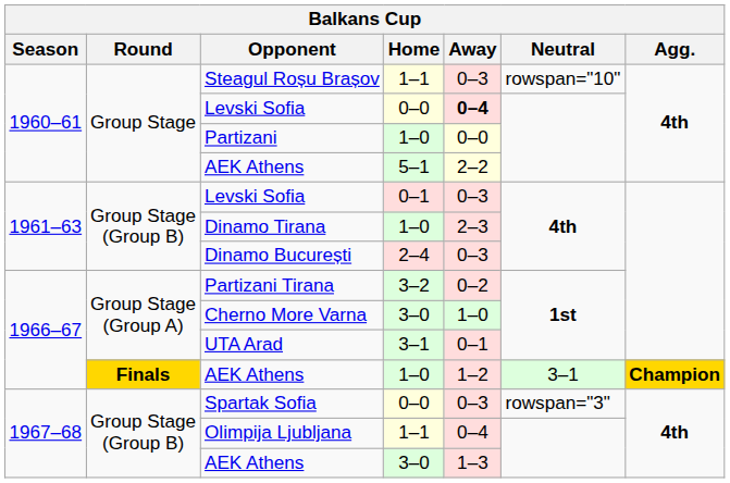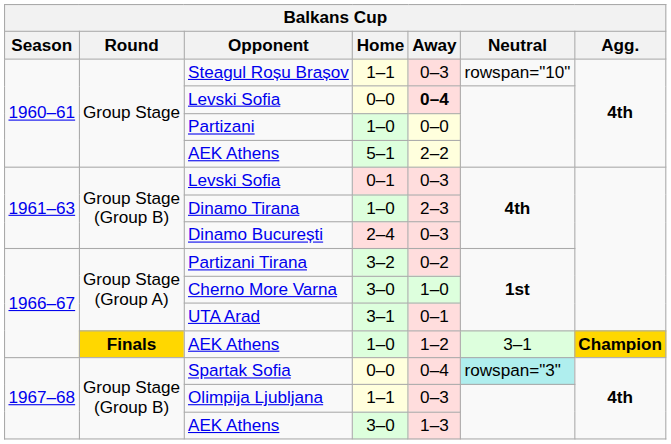 <table class="wikitable">
 <tr>
 <th colspan="7" width="480">Balkans Cup</th>
 </tr>
 <tr>
 <th>Season</th>
 <th>Round</th>
 <th>Opponent</th>
 <th>Home</th>
 <th>Away</th>
 <th>Neutral</th>
 <th>Agg.</th>
 </tr>
 <tr>
 <td rowspan="4" style="text-align:center;"><a href='#'>1960–61</a></td>
 <td rowspan="4" style="text-align:center;">Group Stage</td>
 <td> <a href='#'>Steagul Roșu Brașov</a></td>
 <td style="text-align:center; background:#ffd;">1–1</td>
 <td style="text-align:center; background:#fdd;">0–3</td>
 <td>rowspan="10" </td>
 <td rowspan="4" style="text-align:center;"><strong>4th</strong></td>
 </tr>
 <tr>
 <td> <a href='#'>Levski Sofia</a></td>
 <td style="text-align:center; background:#ffd;">0–0</td>
 <td style="text-align:center; background:#fdd;"><strong>0–4</strong></td>
 </tr>
 <tr>
 <td> <a href='#'>Partizani</a></td>
 <td style="text-align:center; background:#dfd;">1–0</td>
 <td style="text-align:center; background:#ffd;">0–0</td>
 </tr>
 <tr>
 <td> <a href='#'>AEK Athens</a></td>
 <td style="text-align:center; background:#dfd;">5–1</td>
 <td style="text-align:center; background:#ffd;">2–2</td>
 </tr>
 <tr>
 <td rowspan="3" style="text-align:center;"><a href='#'>1961–63</a></td>
 <td rowspan="3" style="text-align:center;">Group Stage<br>(Group B)</td>
 <td> <a href='#'>Levski Sofia</a></td>
 <td style="text-align:center; background:#fdd;">0–1</td>
 <td style="text-align:center; background:#fdd;">0–3</td>
 <td rowspan="3" style="text-align:center;"><strong>4th</strong></td>
 </tr>
 <tr>
 <td> <a href='#'>Dinamo Tirana</a></td>
 <td style="text-align:center; background:#dfd;">1–0</td>
 <td style="text-align:center; background:#fdd;">2–3</td>
 </tr>
 <tr>
 <td> <a href='#'>Dinamo București</a></td>
 <td style="text-align:center; background:#fdd;">2–4</td>
 <td style="text-align:center; background:#fdd;">0–3</td>
 </tr>
 <tr>
 <td style="text-align:center;" rowspan="4"><a href='#'>1966–67</a></td>
 <td rowspan="3" style="text-align:center;">Group Stage<br>(Group A)</td>
 <td> <a href='#'>Partizani Tirana</a></td>
 <td style="text-align:center; background:#dfd;">3–2</td>
 <td style="text-align:center; background:#fdd;">0–2</td>
 <td rowspan="3" style="text-align:center;"><strong>1st</strong></td>
 </tr>
 <tr>
 <td> <a href='#'>Cherno More Varna</a></td>
 <td style="text-align:center; background:#dfd;">3–0</td>
 <td style="text-align:center; background:#dfd;">1–0</td>
 </tr>
 <tr>
 <td> <a href='#'>UTA Arad</a></td>
 <td style="text-align:center; background:#dfd;">3–1</td>
 <td style="text-align:center; background:#fdd;">0–1</td>
 </tr>
 <tr>
 <td style="text-align:center; background:gold;"><strong>Finals</strong></td>
 <td> <a href='#'>AEK Athens</a></td>
 <td style="text-align:center; background:#dfd;">1–0</td>
 <td style="text-align:center; background:#fdd;">1–2</td>
 <td style="text-align:center; background:#dfd;">3–1</td>
 <td style="text-align:center; background:gold;"><strong>Champion</strong></td>
 </tr>
 <tr>
 <td rowspan="3" style="text-align:center;"><a href='#'>1967–68</a></td>
 <td rowspan="3" style="text-align:center;">Group Stage<br>(Group B)</td>
 <td> <a href='#'>Spartak Sofia</a></td>
 <td style="text-align:center; background:#ffd;">0–0</td>
-<td style="text-align:center; background:#fdd;">0–3</td>
-<td>rowspan="3" </td>
+<td style="text-align:center; background:#fdd;">0–4</td>
+<td style="background: paleturquoise;">rowspan="3" </td>
 <td rowspan="3" style="text-align:center;"><strong>4th</strong></td>
 </tr>
 <tr>
 <td> <a href='#'>Olimpija Ljubljana</a></td>
 <td style="text-align:center; background:#ffd;">1–1</td>
-<td style="text-align:center; background:#fdd;">0–4</td>
+<td style="text-align:center; background:#fdd;">0–3</td>
 </tr>
 <tr>
 <td> <a href='#'>AEK Athens</a></td>
 <td style="text-align:center; background:#dfd;">3–0</td>
 <td style="text-align:center; background:#fdd;">1–3</td>
 </tr>
 </table>
